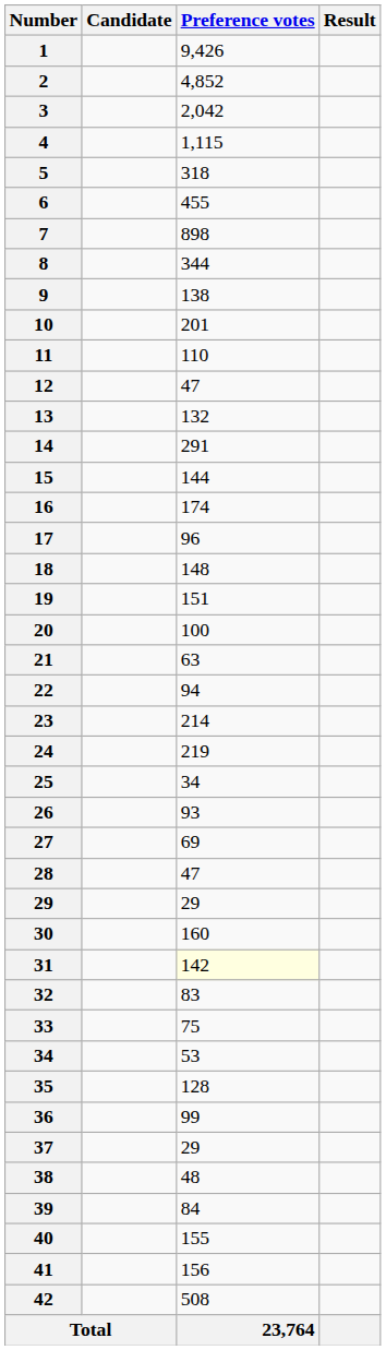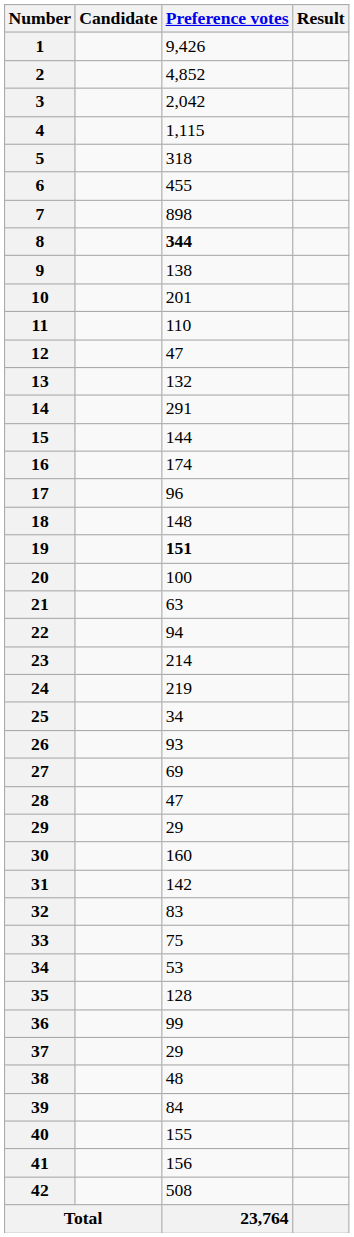 <table class="wikitable sortable" >
 <tr>
 <th scope="col">Number</th>
 <th scope="col">Candidate</th>
 <th scope="col"><a href='#'>Preference votes</a></th>
 <th scope="col">Result</th>
 </tr>
 <tr>
 <th scope="row">1</th>
 <td style="text-align:left"></td>
 <td>9,426</td>
 <td></td>
 </tr>
 <tr>
 <th scope="row">2</th>
 <td style="text-align:left"></td>
 <td>4,852</td>
 <td></td>
 </tr>
 <tr>
 <th scope="row">3</th>
 <td style="text-align:left"></td>
 <td>2,042</td>
 <td></td>
 </tr>
 <tr>
 <th scope="row">4</th>
 <td style="text-align:left"></td>
 <td>1,115</td>
 <td></td>
 </tr>
 <tr>
 <th scope="row">5</th>
 <td style="text-align:left"></td>
 <td>318</td>
 <td></td>
 </tr>
 <tr>
 <th scope="row">6</th>
 <td style="text-align:left"></td>
 <td>455</td>
 <td></td>
 </tr>
 <tr>
 <th scope="row">7</th>
 <td style="text-align:left"></td>
 <td>898</td>
 <td></td>
 </tr>
 <tr>
 <th scope="row">8</th>
 <td style="text-align:left"></td>
-<td>344</td>
+<td><strong>344</strong></td>
 <td></td>
 </tr>
 <tr>
 <th scope="row">9</th>
 <td style="text-align:left"></td>
 <td>138</td>
 <td></td>
 </tr>
 <tr>
 <th scope="row">10</th>
 <td style="text-align:left"></td>
 <td>201</td>
 <td></td>
 </tr>
 <tr>
 <th scope="row">11</th>
 <td style="text-align:left"></td>
 <td>110</td>
 <td></td>
 </tr>
 <tr>
 <th scope="row">12</th>
 <td style="text-align:left"></td>
 <td>47</td>
 <td></td>
 </tr>
 <tr>
 <th scope="row">13</th>
 <td style="text-align:left"></td>
 <td>132</td>
 <td></td>
 </tr>
 <tr>
 <th scope="row">14</th>
 <td style="text-align:left"></td>
 <td>291</td>
 <td></td>
 </tr>
 <tr>
 <th scope="row">15</th>
 <td style="text-align:left"></td>
 <td>144</td>
 <td></td>
 </tr>
 <tr>
 <th scope="row">16</th>
 <td style="text-align:left"></td>
 <td>174</td>
 <td></td>
 </tr>
 <tr>
 <th scope="row">17</th>
 <td style="text-align:left"></td>
 <td>96</td>
 <td></td>
 </tr>
 <tr>
 <th scope="row">18</th>
 <td style="text-align:left"></td>
 <td>148</td>
 <td></td>
 </tr>
 <tr>
 <th scope="row">19</th>
 <td style="text-align:left"></td>
-<td>151</td>
+<td><strong>151</strong></td>
 <td></td>
 </tr>
 <tr>
 <th scope="row">20</th>
 <td style="text-align:left"></td>
 <td>100</td>
 <td></td>
 </tr>
 <tr>
 <th scope="row">21</th>
 <td style="text-align:left"></td>
 <td>63</td>
 <td></td>
 </tr>
 <tr>
 <th scope="row">22</th>
 <td style="text-align:left"></td>
 <td>94</td>
 <td></td>
 </tr>
 <tr>
 <th scope="row">23</th>
 <td style="text-align:left"></td>
 <td>214</td>
 <td></td>
 </tr>
 <tr>
 <th scope="row">24</th>
 <td style="text-align:left"></td>
 <td>219</td>
 <td></td>
 </tr>
 <tr>
 <th scope="row">25</th>
 <td style="text-align:left"></td>
 <td>34</td>
 <td></td>
 </tr>
 <tr>
 <th scope="row">26</th>
 <td style="text-align:left"></td>
 <td>93</td>
 <td></td>
 </tr>
 <tr>
 <th scope="row">27</th>
 <td style="text-align:left"></td>
 <td>69</td>
 <td></td>
 </tr>
 <tr>
 <th scope="row">28</th>
 <td style="text-align:left"></td>
 <td>47</td>
 <td></td>
 </tr>
 <tr>
 <th scope="row">29</th>
 <td style="text-align:left"></td>
 <td>29</td>
 <td></td>
 </tr>
 <tr>
 <th scope="row">30</th>
 <td style="text-align:left"></td>
 <td>160</td>
 <td></td>
 </tr>
 <tr>
 <th scope="row">31</th>
 <td style="text-align:left"></td>
-<td style="background: lightyellow;">142</td>
+<td>142</td>
 <td></td>
 </tr>
 <tr>
 <th scope="row">32</th>
 <td style="text-align:left"></td>
 <td>83</td>
 <td></td>
 </tr>
 <tr>
 <th scope="row">33</th>
 <td style="text-align:left"></td>
 <td>75</td>
 <td></td>
 </tr>
 <tr>
 <th scope="row">34</th>
 <td style="text-align:left"></td>
 <td>53</td>
 <td></td>
 </tr>
 <tr>
 <th scope="row">35</th>
 <td style="text-align:left"></td>
 <td>128</td>
 <td></td>
 </tr>
 <tr>
 <th scope="row">36</th>
 <td style="text-align:left"></td>
 <td>99</td>
 <td></td>
 </tr>
 <tr>
 <th scope="row">37</th>
 <td style="text-align:left"></td>
 <td>29</td>
 <td></td>
 </tr>
 <tr>
 <th scope="row">38</th>
 <td style="text-align:left"></td>
 <td>48</td>
 <td></td>
 </tr>
 <tr>
 <th scope="row">39</th>
 <td style="text-align:left"></td>
 <td>84</td>
 <td></td>
 </tr>
 <tr>
 <th scope="row">40</th>
 <td style="text-align:left"></td>
 <td>155</td>
 <td></td>
 </tr>
 <tr>
 <th scope="row">41</th>
 <td style="text-align:left"></td>
 <td>156</td>
 <td></td>
 </tr>
 <tr>
 <th scope="row">42</th>
 <td style="text-align:left"></td>
 <td>508</td>
 <td></td>
 </tr>
 <tr class="sortbottom">
 <th scope="row"  colspan="2">Total</th>
 <th style="text-align:right">23,764</th>
 <th></th>
 </tr>
 </table>
